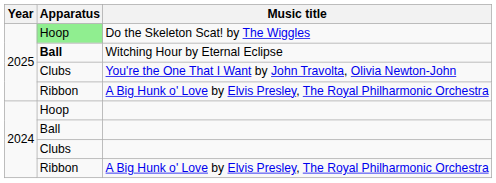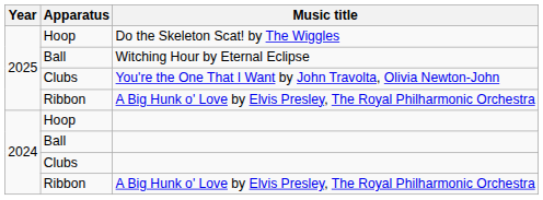 <table class="wikitable">
 <tr>
 <th>Year</th>
 <th>Apparatus</th>
 <th>Music title</th>
 </tr>
 <tr>
 <td rowspan="4">2025</td>
-<td style="background: lightgreen;">Hoop</td>
+<td>Hoop</td>
 <td>Do the Skeleton Scat! by <a href='#'>The Wiggles</a></td>
 </tr>
 <tr>
-<td><strong>Ball</strong></td>
+<td>Ball</td>
 <td>Witching Hour by Eternal Eclipse</td>
 </tr>
 <tr>
 <td>Clubs</td>
 <td><a href='#'>You're the One That I Want</a> by <a href='#'>John Travolta</a>, <a href='#'>Olivia Newton-John</a></td>
 </tr>
 <tr>
 <td>Ribbon</td>
 <td><a href='#'>A Big Hunk o' Love</a> by <a href='#'>Elvis Presley</a>, <a href='#'>The Royal Philharmonic Orchestra</a></td>
 </tr>
 <tr>
 <td rowspan="4">2024</td>
 <td>Hoop</td>
 <td></td>
 </tr>
 <tr>
 <td>Ball</td>
 <td></td>
 </tr>
 <tr>
 <td>Clubs</td>
 <td></td>
 </tr>
 <tr>
 <td>Ribbon</td>
 <td><a href='#'>A Big Hunk o' Love</a> by <a href='#'>Elvis Presley</a>, <a href='#'>The Royal Philharmonic Orchestra</a></td>
 </tr>
 </table>
